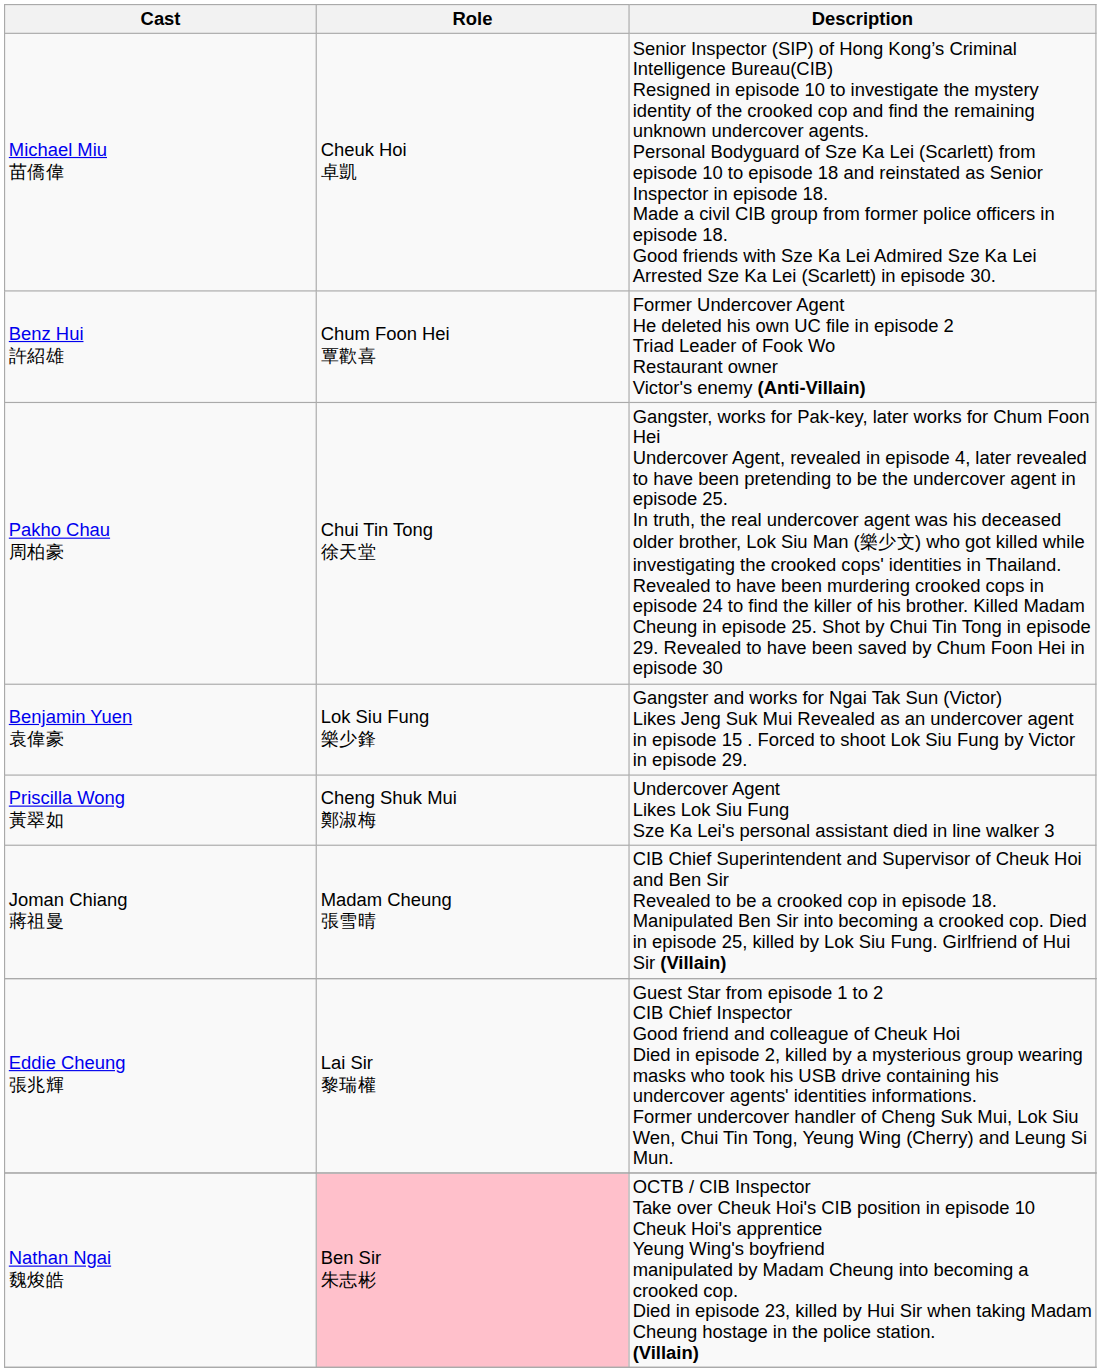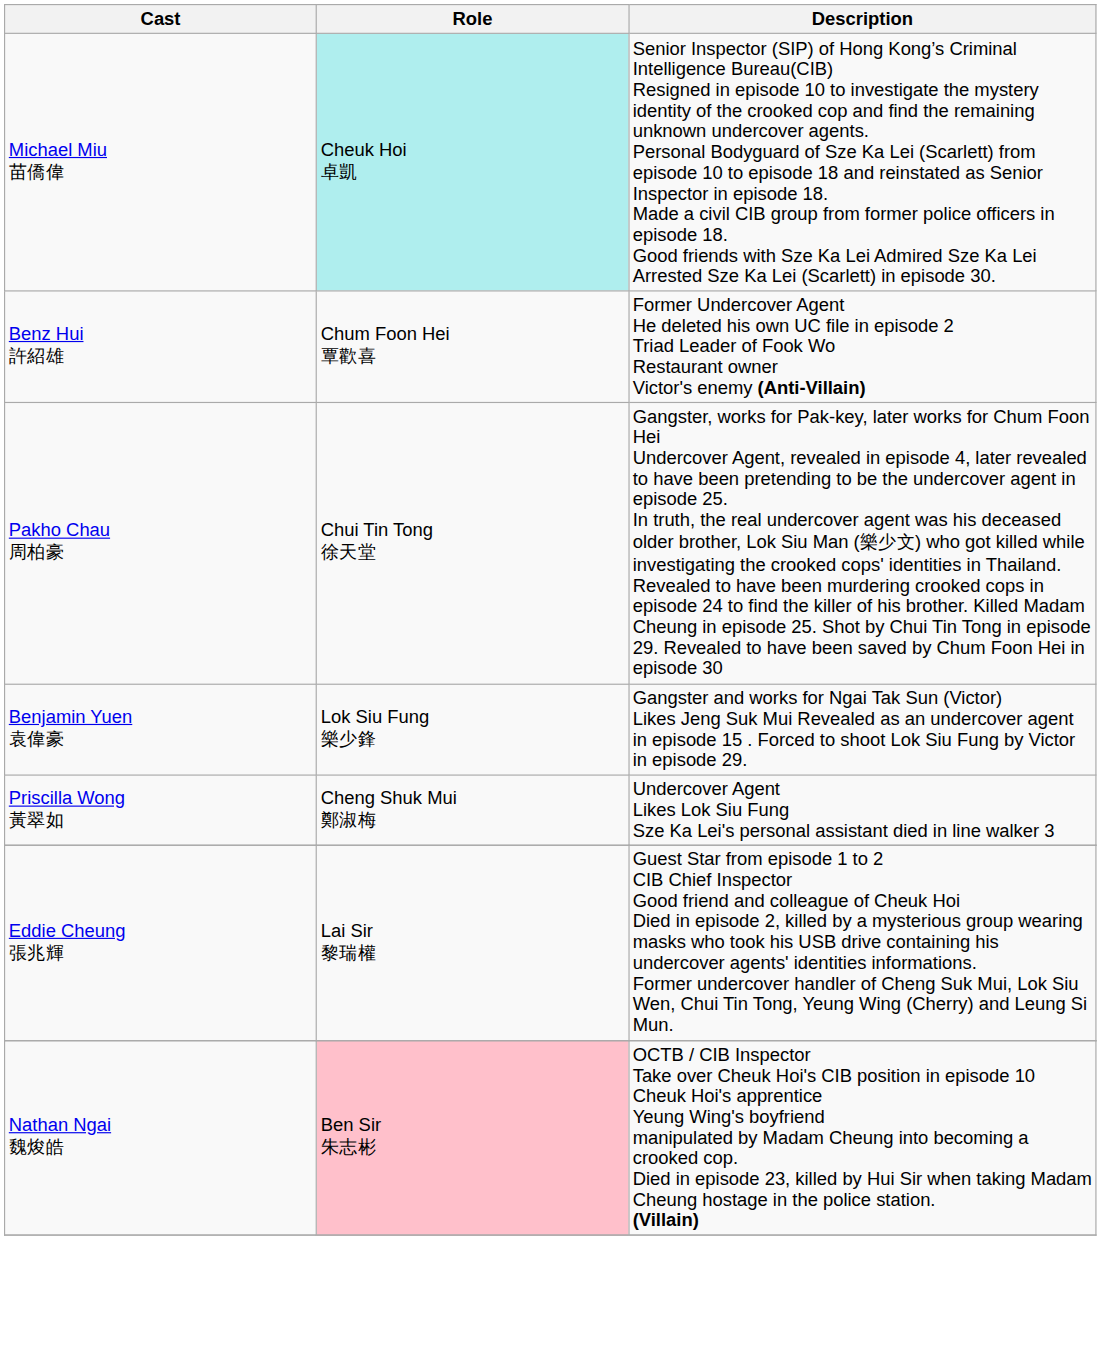 <table class="wikitable" width="60%">
 <tr>
 <th style="width:10%">Cast</th>
 <th style="width:10%">Role</th>
 <th style="width:15%">Description</th>
 </tr>
 <tr>
 <td><a href='#'>Michael Miu</a> <br>苗僑偉</td>
-<td>Cheuk Hoi<br> 卓凱</td>
+<td style="background: paleturquoise;">Cheuk Hoi<br> 卓凱</td>
 <td>Senior Inspector (SIP) of Hong Kong’s Criminal Intelligence Bureau(CIB)<br>Resigned in episode 10 to investigate the mystery identity of the crooked cop and find the remaining unknown undercover agents.<br>Personal Bodyguard of Sze Ka Lei (Scarlett) from episode 10 to episode 18  and reinstated as Senior Inspector in episode 18.<br>Made a civil CIB group from former police officers in episode 18.<br>Good friends with Sze Ka Lei  Admired Sze Ka Lei<br>Arrested Sze Ka Lei (Scarlett) in episode 30.</td>
 </tr>
 <tr>
 <td><a href='#'>Benz Hui</a><br>許紹雄</td>
 <td>Chum Foon Hei<br> 覃歡喜</td>
 <td>Former Undercover Agent<br>He deleted his own UC file in episode 2<br>Triad Leader of Fook Wo<br>Restaurant owner<br>Victor's enemy  <strong>(Anti-Villain)</strong></td>
 </tr>
 <tr>
 <td><a href='#'>Pakho Chau</a><br> 周柏豪</td>
 <td>Chui Tin Tong<br>徐天堂</td>
 <td>Gangster, works for Pak-key, later works for Chum Foon Hei<br>Undercover Agent, revealed in episode 4, later revealed to have been pretending to be the undercover agent in episode 25.<br>In truth, the real undercover agent was his deceased older brother, Lok Siu Man (樂少文) who got killed while investigating the crooked cops' identities in Thailand.<br>Revealed to have been murdering crooked cops in episode 24 to find the killer of his brother. Killed Madam Cheung in episode 25. Shot by Chui Tin Tong in episode 29.  Revealed to have been saved by Chum Foon Hei in episode 30</td>
 </tr>
 <tr>
 <td><a href='#'>Benjamin Yuen</a><br> 袁偉豪</td>
 <td>Lok Siu Fung<br>樂少鋒</td>
 <td>Gangster and works for Ngai Tak Sun (Victor)<br>Likes Jeng Suk Mui  Revealed as an undercover agent in episode 15 . Forced to shoot Lok Siu Fung by Victor in episode 29.</td>
 </tr>
 <tr>
 <td><a href='#'>Priscilla Wong</a><br>黃翠如</td>
 <td>Cheng Shuk Mui<br> 鄭淑梅</td>
 <td>Undercover Agent<br>Likes Lok Siu Fung  <br>Sze Ka Lei's personal assistant  died in line walker 3</td>
 </tr>
 <tr>
-<td>Joman Chiang<br> 蔣祖曼</td>
-<td>Madam Cheung<br>張雪晴</td>
-<td>CIB Chief Superintendent  and Supervisor of Cheuk Hoi and Ben Sir<br>Revealed to be a crooked cop in episode 18. Manipulated Ben Sir into becoming a crooked cop.  Died in episode 25, killed by Lok Siu Fung. Girlfriend of Hui Sir  <strong>(Villain)</strong></td>
-</tr>
-<tr>
 </tr>
 <tr>
 <td><a href='#'>Eddie Cheung</a><br> 張兆輝</td>
 <td>Lai Sir <br>黎瑞權</td>
 <td>Guest Star from episode 1 to 2 <br>CIB Chief Inspector <br>Good friend and colleague of Cheuk Hoi <br>Died in episode 2, killed by a mysterious group wearing masks who took his USB drive containing his undercover agents' identities informations. <br>Former undercover handler of Cheng Suk Mui, Lok Siu Wen, Chui Tin Tong, Yeung Wing (Cherry) and Leung Si Mun.</td>
 </tr>
 <tr>
 </tr>
 <tr>
 <td><a href='#'>Nathan Ngai</a><br> 魏焌皓</td>
 <td style="background: pink;">Ben Sir <br>朱志彬</td>
 <td>OCTB / CIB Inspector <br>Take over Cheuk Hoi's CIB position in episode 10 <br>Cheuk Hoi's apprentice <br>Yeung Wing's boyfriend <br> manipulated by Madam Cheung into becoming a crooked cop. <br> Died in episode 23, killed by Hui Sir when taking Madam Cheung hostage in the police station.<br><strong>(Villain)</strong></td>
 </tr>
 <tr>
 </tr>
 </table>
